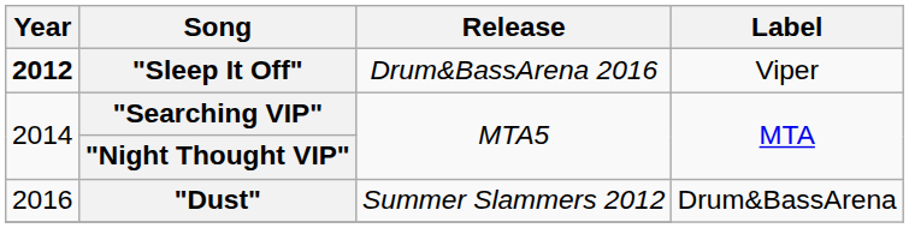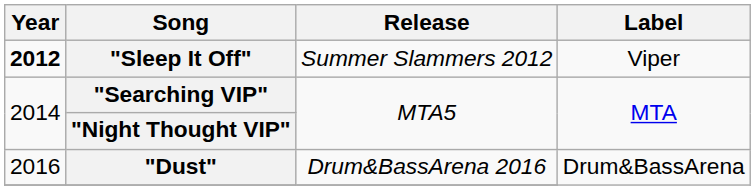 <table class="wikitable plainrowheaders" style="text-align:center;">
 <tr>
 <th scope="col">Year</th>
 <th scope="col">Song</th>
 <th scope="col">Release</th>
 <th scope="col">Label</th>
 </tr>
 <tr>
 <td><strong>2012</strong></td>
 <th scope="row">"Sleep It Off"</th>
-<td><em>Drum&BassArena 2016</em></td>
+<td><em>Summer Slammers 2012</em></td>
 <td>Viper</td>
 </tr>
 <tr>
 <td rowspan="2">2014</td>
 <th scope="row">"Searching VIP"</th>
 <td rowspan="2"><em>MTA5</em></td>
 <td rowspan="2"><a href='#'>MTA</a></td>
 </tr>
 <tr>
 <th scope="row">"Night Thought VIP"</th>
 </tr>
 <tr>
 <td>2016</td>
 <th scope="row">"Dust"</th>
-<td><em>Summer Slammers 2012</em></td>
+<td><em>Drum&BassArena 2016</em></td>
 <td rowspan="2">Drum&BassArena</td>
 </tr>
 <tr>
 </tr>
 </table>
